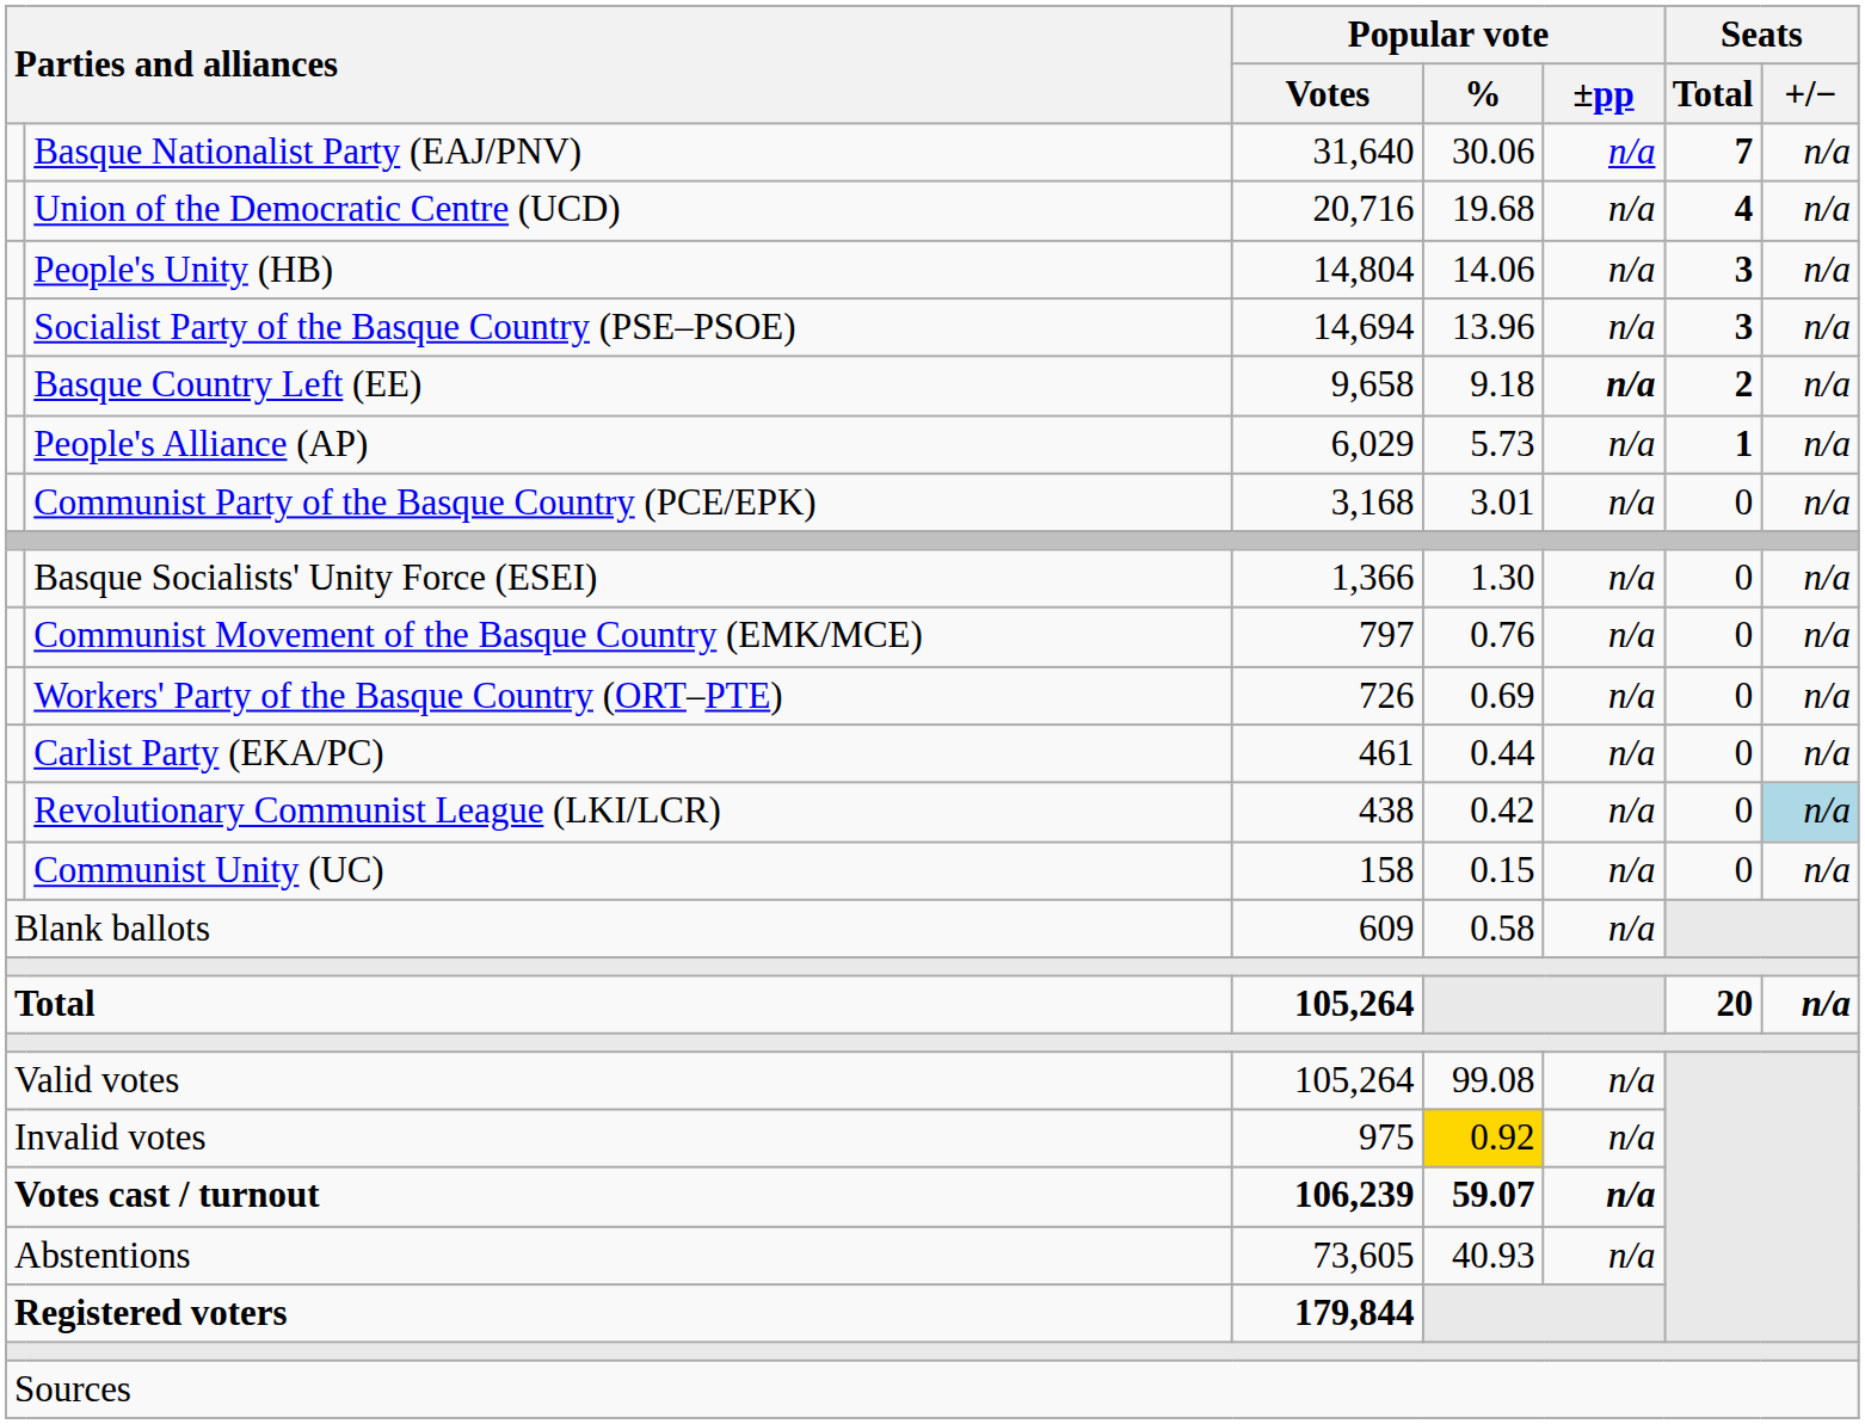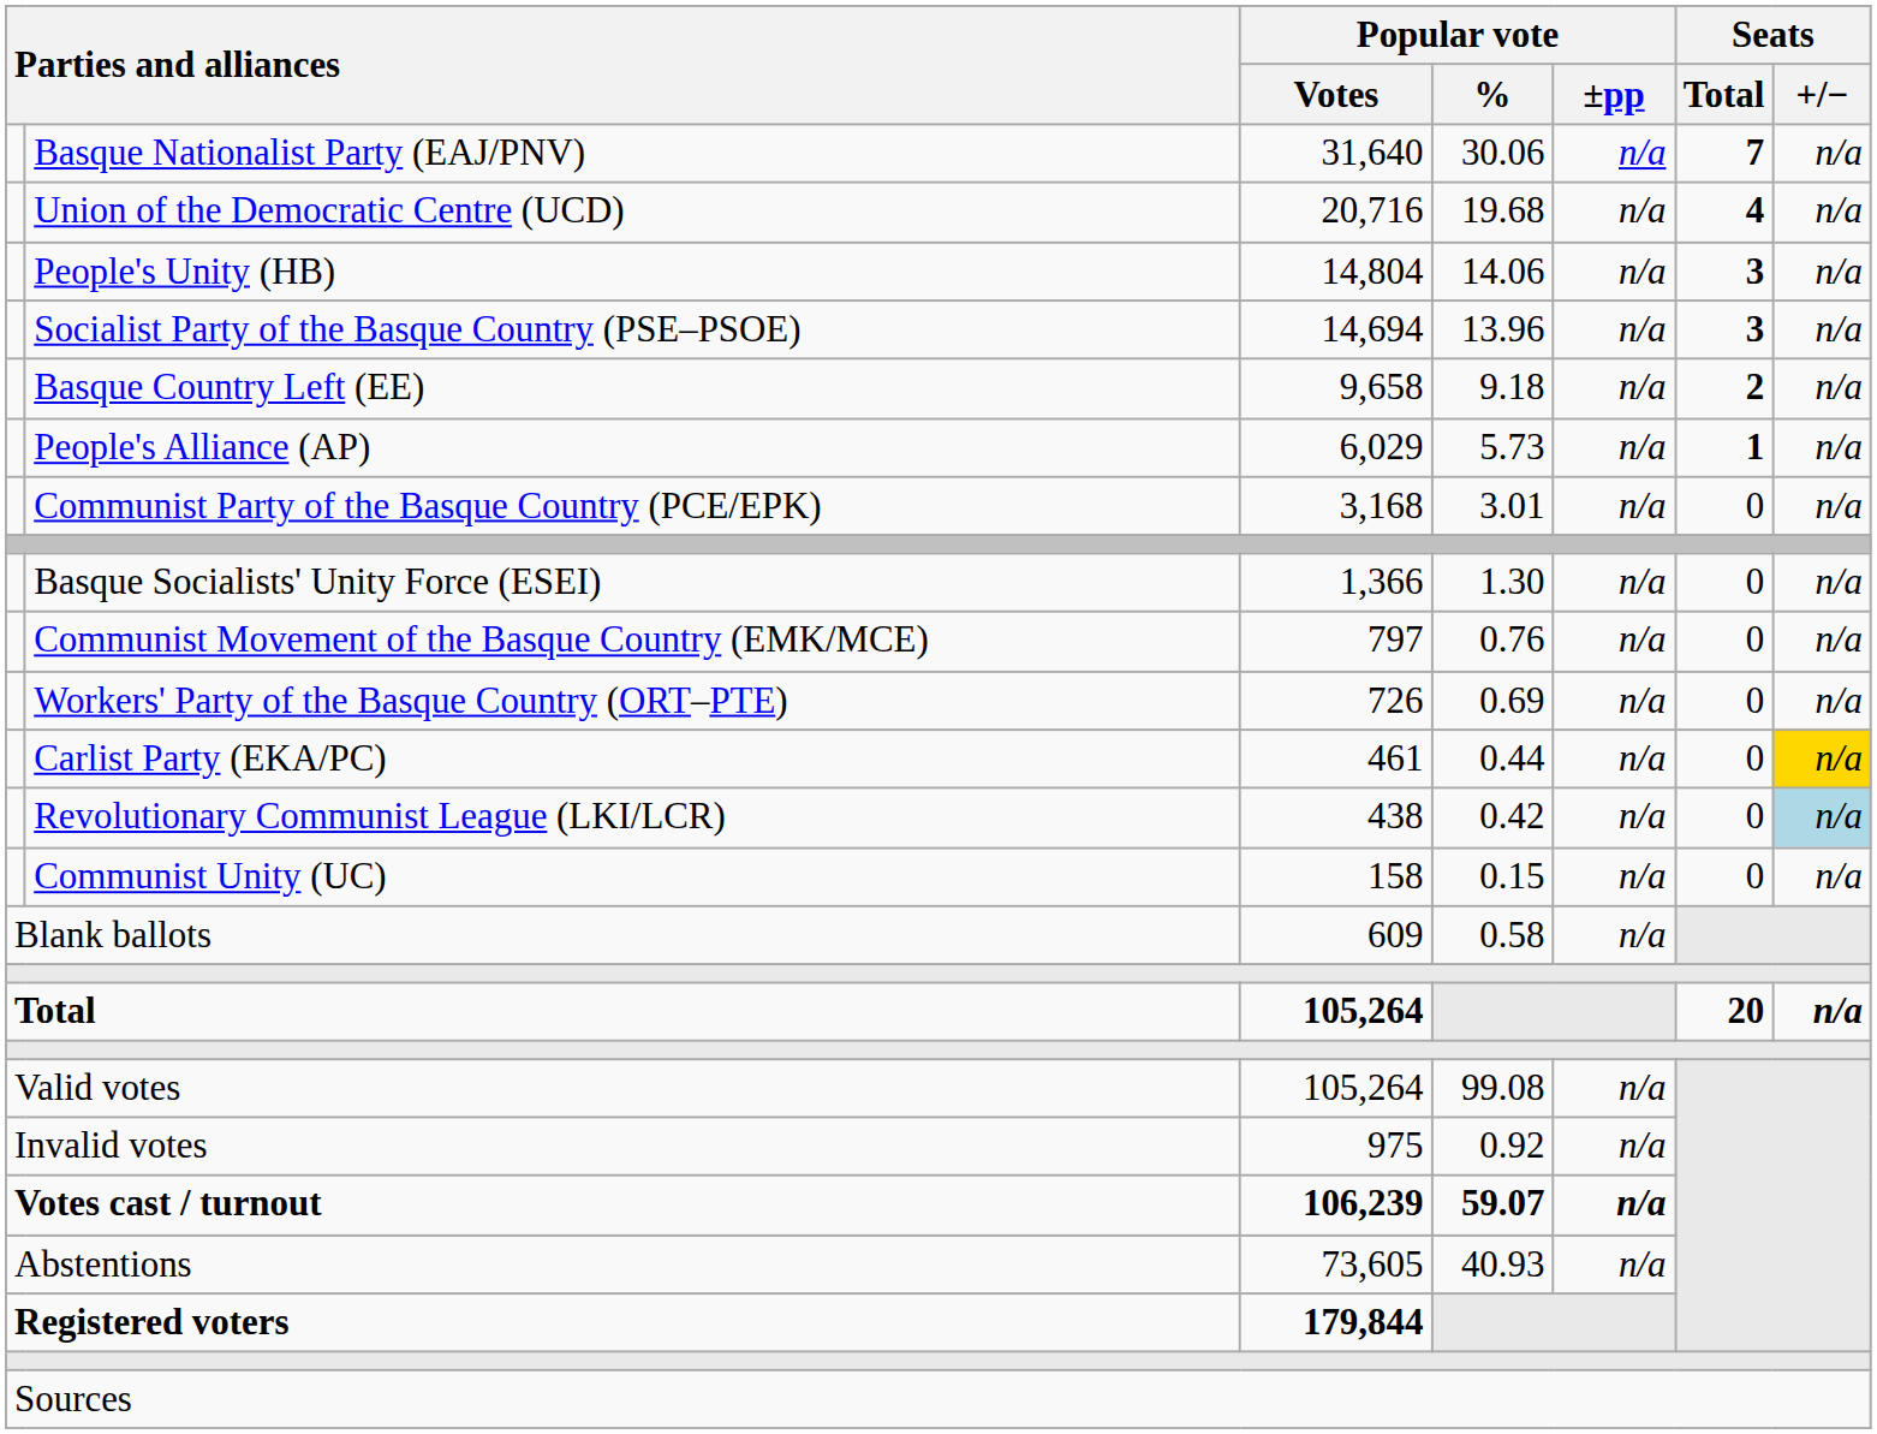 <table class="wikitable" style="text-align:right;">
 <tr>
 <th style="text-align:left;" rowspan="2" colspan="2" width="525">Parties and alliances</th>
 <th colspan="3">Popular vote</th>
 <th colspan="2">Seats</th>
 </tr>
 <tr>
 <th width="75">Votes</th>
 <th width="45">%</th>
 <th width="45">±<a href='#'>pp</a></th>
 <th width="35">Total</th>
 <th width="35">+/−</th>
 </tr>
 <tr>
 <td width="1" style="color:inherit;background:"></td>
 <td align="left"><a href='#'>Basque Nationalist Party</a> (EAJ/PNV)</td>
 <td>31,640</td>
 <td>30.06</td>
 <td><em><a href='#'>n/a</a></em></td>
 <td><strong>7</strong></td>
 <td><em>n/a</em></td>
 </tr>
 <tr>
 <td style="color:inherit;background:"></td>
 <td align="left"><a href='#'>Union of the Democratic Centre</a> (UCD)</td>
 <td>20,716</td>
 <td>19.68</td>
 <td><em>n/a</em></td>
 <td><strong>4</strong></td>
 <td><em>n/a</em></td>
 </tr>
 <tr>
 <td style="color:inherit;background:"></td>
 <td align="left"><a href='#'>People's Unity</a> (HB)</td>
 <td>14,804</td>
 <td>14.06</td>
 <td><em>n/a</em></td>
 <td><strong>3</strong></td>
 <td><em>n/a</em></td>
 </tr>
 <tr>
 <td style="color:inherit;background:"></td>
 <td align="left"><a href='#'>Socialist Party of the Basque Country</a> (PSE–PSOE)</td>
 <td>14,694</td>
 <td>13.96</td>
 <td><em>n/a</em></td>
 <td><strong>3</strong></td>
 <td><em>n/a</em></td>
 </tr>
 <tr>
 <td style="color:inherit;background:"></td>
 <td align="left"><a href='#'>Basque Country Left</a> (EE)</td>
 <td>9,658</td>
 <td>9.18</td>
-<td><strong><em>n/a</em></strong></td>
+<td><em>n/a</em></td>
 <td><strong>2</strong></td>
 <td><em>n/a</em></td>
 </tr>
 <tr>
 <td style="color:inherit;background:"></td>
 <td align="left"><a href='#'>People's Alliance</a> (AP)</td>
 <td>6,029</td>
 <td>5.73</td>
 <td><em>n/a</em></td>
 <td><strong>1</strong></td>
 <td><em>n/a</em></td>
 </tr>
 <tr>
 <td style="color:inherit;background:"></td>
 <td align="left"><a href='#'>Communist Party of the Basque Country</a> (PCE/EPK)</td>
 <td>3,168</td>
 <td>3.01</td>
 <td><em>n/a</em></td>
 <td>0</td>
 <td><em>n/a</em></td>
 </tr>
 <tr>
 <td colspan="7" bgcolor="#C0C0C0"></td>
 </tr>
 <tr>
 <td style="color:inherit;background:"></td>
 <td align="left">Basque Socialists' Unity Force (ESEI)</td>
 <td>1,366</td>
 <td>1.30</td>
 <td><em>n/a</em></td>
 <td>0</td>
 <td><em>n/a</em></td>
 </tr>
 <tr>
 <td style="color:inherit;background:"></td>
 <td align="left"><a href='#'>Communist Movement of the Basque Country</a> (EMK/MCE)</td>
 <td>797</td>
 <td>0.76</td>
 <td><em>n/a</em></td>
 <td>0</td>
 <td><em>n/a</em></td>
 </tr>
 <tr>
 <td style="color:inherit;background:"></td>
 <td align="left"><a href='#'>Workers' Party of the Basque Country</a> (<a href='#'>ORT</a>–<a href='#'>PTE</a>)</td>
 <td>726</td>
 <td>0.69</td>
 <td><em>n/a</em></td>
 <td>0</td>
 <td><em>n/a</em></td>
 </tr>
 <tr>
 <td style="color:inherit;background:"></td>
 <td align="left"><a href='#'>Carlist Party</a> (EKA/PC)</td>
 <td>461</td>
 <td>0.44</td>
 <td><em>n/a</em></td>
 <td>0</td>
-<td><em>n/a</em></td>
+<td style="background: gold;"><em>n/a</em></td>
 </tr>
 <tr>
 <td style="color:inherit;background:"></td>
 <td align="left"><a href='#'>Revolutionary Communist League</a> (LKI/LCR)</td>
 <td>438</td>
 <td>0.42</td>
 <td><em>n/a</em></td>
 <td>0</td>
 <td style="background: lightblue;"><em>n/a</em></td>
 </tr>
 <tr>
 <td style="color:inherit;background:"></td>
 <td align="left"><a href='#'>Communist Unity</a> (UC)</td>
 <td>158</td>
 <td>0.15</td>
 <td><em>n/a</em></td>
 <td>0</td>
 <td><em>n/a</em></td>
 </tr>
 <tr>
 <td align="left" colspan="2">Blank ballots</td>
 <td>609</td>
 <td>0.58</td>
 <td><em>n/a</em></td>
 <td bgcolor="#E9E9E9" colspan="2"></td>
 </tr>
 <tr>
 <td colspan="7" bgcolor="#E9E9E9"></td>
 </tr>
 <tr style="font-weight:bold;">
 <td align="left" colspan="2">Total</td>
 <td>105,264</td>
 <td bgcolor="#E9E9E9" colspan="2"></td>
 <td>20</td>
 <td><em>n/a</em></td>
 </tr>
 <tr>
 <td colspan="7" bgcolor="#E9E9E9"></td>
 </tr>
 <tr>
 <td align="left" colspan="2">Valid votes</td>
 <td>105,264</td>
 <td>99.08</td>
 <td><em>n/a</em></td>
 <td bgcolor="#E9E9E9" colspan="2" rowspan="5"></td>
 </tr>
 <tr>
 <td align="left" colspan="2">Invalid votes</td>
 <td>975</td>
-<td style="background: gold;">0.92</td>
+<td>0.92</td>
 <td><em>n/a</em></td>
 </tr>
 <tr style="font-weight:bold;">
 <td align="left" colspan="2">Votes cast / turnout</td>
 <td>106,239</td>
 <td>59.07</td>
 <td><em>n/a</em></td>
 </tr>
 <tr>
 <td align="left" colspan="2">Abstentions</td>
 <td>73,605</td>
 <td>40.93</td>
 <td><em>n/a</em></td>
 </tr>
 <tr style="font-weight:bold;">
 <td align="left" colspan="2">Registered voters</td>
 <td>179,844</td>
 <td bgcolor="#E9E9E9" colspan="2"></td>
 </tr>
 <tr>
 <td colspan="7" bgcolor="#E9E9E9"></td>
 </tr>
 <tr>
 <td align="left" colspan="7">Sources</td>
 </tr>
 </table>
